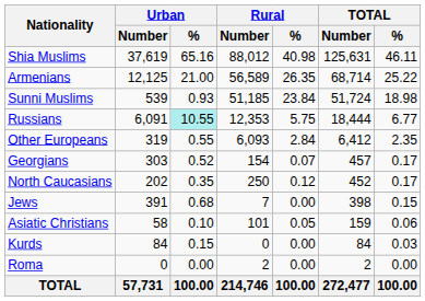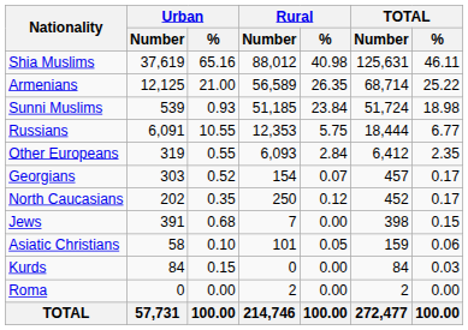 <table class="wikitable sortable">
 <tr>
 <th rowspan="2">Nationality</th>
 <th colspan="2"><a href='#'>Urban</a></th>
 <th colspan="2"><a href='#'>Rural</a></th>
 <th colspan="2">TOTAL</th>
 </tr>
 <tr>
 <th>Number</th>
 <th>%</th>
 <th>Number</th>
 <th>%</th>
 <th>Number</th>
 <th>%</th>
 </tr>
 <tr>
 <td><a href='#'>Shia Muslims</a></td>
 <td align="right">37,619</td>
 <td align="right">65.16</td>
 <td align="right">88,012</td>
 <td align="right">40.98</td>
 <td align="right">125,631</td>
 <td align="right">46.11</td>
 </tr>
 <tr>
 <td><a href='#'>Armenians</a></td>
 <td align="right">12,125</td>
 <td align="right">21.00</td>
 <td align="right">56,589</td>
 <td align="right">26.35</td>
 <td align="right">68,714</td>
 <td align="right">25.22</td>
 </tr>
 <tr>
 <td><a href='#'>Sunni Muslims</a></td>
 <td align="right">539</td>
 <td align="right">0.93</td>
 <td align="right">51,185</td>
 <td align="right">23.84</td>
 <td align="right">51,724</td>
 <td align="right">18.98</td>
 </tr>
 <tr>
 <td><a href='#'>Russians</a></td>
 <td align="right">6,091</td>
-<td align="right" style="background: paleturquoise;">10.55</td>
+<td align="right">10.55</td>
 <td align="right">12,353</td>
 <td align="right">5.75</td>
 <td align="right">18,444</td>
 <td align="right">6.77</td>
 </tr>
 <tr>
 <td><a href='#'>Other Europeans</a></td>
 <td align="right">319</td>
 <td align="right">0.55</td>
 <td align="right">6,093</td>
 <td align="right">2.84</td>
 <td align="right">6,412</td>
 <td align="right">2.35</td>
 </tr>
 <tr>
 <td><a href='#'>Georgians</a></td>
 <td align="right">303</td>
 <td align="right">0.52</td>
 <td align="right">154</td>
 <td align="right">0.07</td>
 <td align="right">457</td>
 <td align="right">0.17</td>
 </tr>
 <tr>
 <td><a href='#'>North Caucasians</a></td>
 <td align="right">202</td>
 <td align="right">0.35</td>
 <td align="right">250</td>
 <td align="right">0.12</td>
 <td align="right">452</td>
 <td align="right">0.17</td>
 </tr>
 <tr>
 <td><a href='#'>Jews</a></td>
 <td align="right">391</td>
 <td align="right">0.68</td>
 <td align="right">7</td>
 <td align="right">0.00</td>
 <td align="right">398</td>
 <td align="right">0.15</td>
 </tr>
 <tr>
 <td><a href='#'>Asiatic Christians</a></td>
 <td align="right">58</td>
 <td align="right">0.10</td>
 <td align="right">101</td>
 <td align="right">0.05</td>
 <td align="right">159</td>
 <td align="right">0.06</td>
 </tr>
 <tr>
 <td><a href='#'>Kurds</a></td>
 <td align="right">84</td>
 <td align="right">0.15</td>
 <td align="right">0</td>
 <td align="right">0.00</td>
 <td align="right">84</td>
 <td align="right">0.03</td>
 </tr>
 <tr>
 <td><a href='#'>Roma</a></td>
 <td align="right">0</td>
 <td align="right">0.00</td>
 <td align="right">2</td>
 <td align="right">0.00</td>
 <td align="right">2</td>
 <td align="right">0.00</td>
 </tr>
 <tr>
 <th>TOTAL</th>
 <th>57,731</th>
 <th>100.00</th>
 <th>214,746</th>
 <th>100.00</th>
 <th>272,477</th>
 <th>100.00</th>
 </tr>
 </table>
